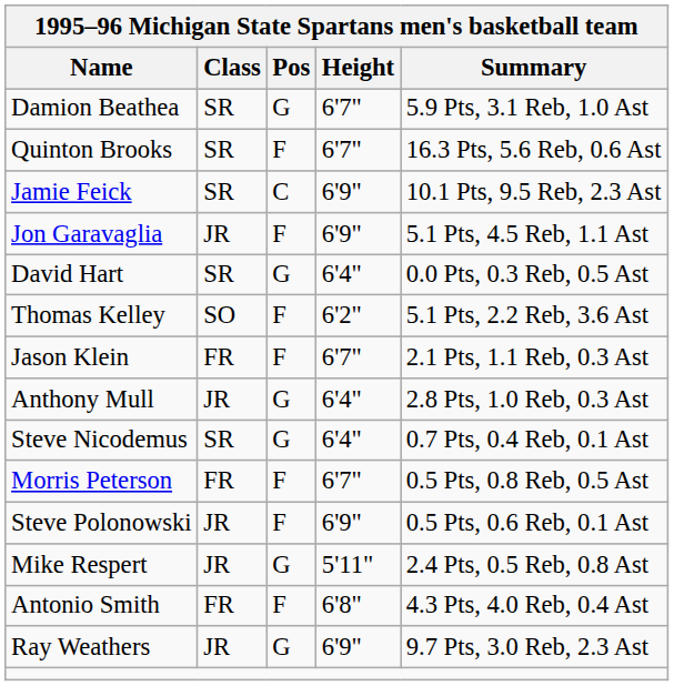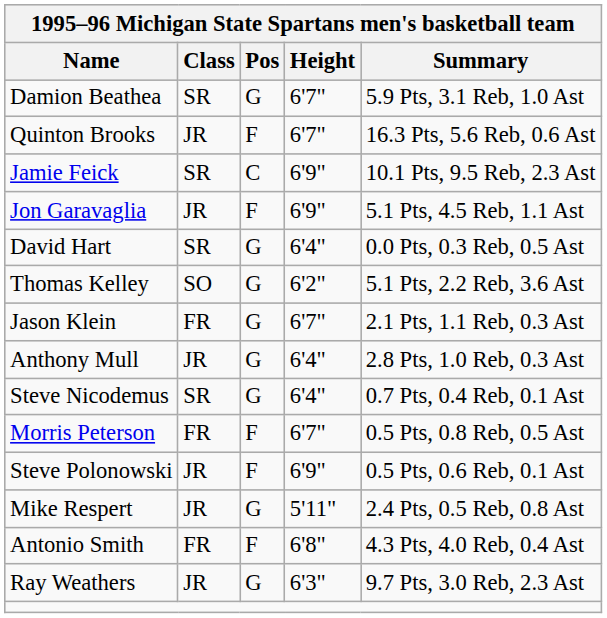 <table class="wikitable" style="font-size: 90%"|->
 <tr>
 <th colspan=9 style="background:#">1995–96 Michigan State Spartans men's basketball team</th>
 </tr>
 <tr>
 <th style="background:#">Name</th>
 <th style="background:#">Class</th>
 <th style="background:#">Pos</th>
 <th style="background:#">Height</th>
 <th style="background:#">Summary</th>
 </tr>
 <tr>
 <td>Damion Beathea</td>
 <td>SR</td>
 <td>G</td>
 <td>6'7"</td>
 <td>5.9 Pts, 3.1 Reb, 1.0 Ast</td>
 </tr>
 <tr>
 <td>Quinton Brooks</td>
-<td>SR</td>
+<td>JR</td>
 <td>F</td>
 <td>6'7"</td>
 <td>16.3 Pts, 5.6 Reb, 0.6 Ast</td>
 </tr>
 <tr>
 <td><a href='#'>Jamie Feick</a></td>
 <td>SR</td>
 <td>C</td>
 <td>6'9"</td>
 <td>10.1 Pts, 9.5 Reb, 2.3 Ast</td>
 </tr>
 <tr>
 <td><a href='#'>Jon Garavaglia</a></td>
 <td>JR</td>
 <td>F</td>
 <td>6'9"</td>
 <td>5.1 Pts, 4.5 Reb, 1.1 Ast</td>
 </tr>
 <tr>
 <td>David Hart</td>
 <td>SR</td>
 <td>G</td>
 <td>6'4"</td>
 <td>0.0 Pts, 0.3 Reb, 0.5 Ast</td>
 </tr>
 <tr>
 <td>Thomas Kelley</td>
 <td>SO</td>
-<td>F</td>
+<td>G</td>
 <td>6'2"</td>
 <td>5.1 Pts, 2.2 Reb, 3.6 Ast</td>
 </tr>
 <tr>
 <td>Jason Klein</td>
 <td>FR</td>
-<td>F</td>
+<td>G</td>
 <td>6'7"</td>
 <td>2.1 Pts, 1.1 Reb, 0.3 Ast</td>
 </tr>
 <tr>
 <td>Anthony Mull</td>
 <td>JR</td>
 <td>G</td>
 <td>6'4"</td>
 <td>2.8 Pts, 1.0 Reb, 0.3 Ast</td>
 </tr>
 <tr>
 <td>Steve Nicodemus</td>
 <td>SR</td>
 <td>G</td>
 <td>6'4"</td>
 <td>0.7 Pts, 0.4 Reb, 0.1 Ast</td>
 </tr>
 <tr>
 <td><a href='#'>Morris Peterson</a></td>
 <td>FR</td>
 <td>F</td>
 <td>6'7"</td>
 <td>0.5 Pts, 0.8 Reb, 0.5 Ast</td>
 </tr>
 <tr>
 <td>Steve Polonowski</td>
 <td>JR</td>
 <td>F</td>
 <td>6'9"</td>
 <td>0.5 Pts, 0.6 Reb, 0.1 Ast</td>
 </tr>
 <tr>
 <td>Mike Respert</td>
 <td>JR</td>
 <td>G</td>
 <td>5'11"</td>
 <td>2.4 Pts, 0.5 Reb, 0.8 Ast</td>
 </tr>
 <tr>
 <td>Antonio Smith</td>
 <td>FR</td>
 <td>F</td>
 <td>6'8"</td>
 <td>4.3 Pts, 4.0 Reb, 0.4 Ast</td>
 </tr>
 <tr>
 <td>Ray Weathers</td>
 <td>JR</td>
 <td>G</td>
-<td>6'9"</td>
+<td>6'3"</td>
 <td>9.7 Pts, 3.0 Reb, 2.3 Ast</td>
 </tr>
 <tr>
 <td colspan=9></td>
 </tr>
 </table>
